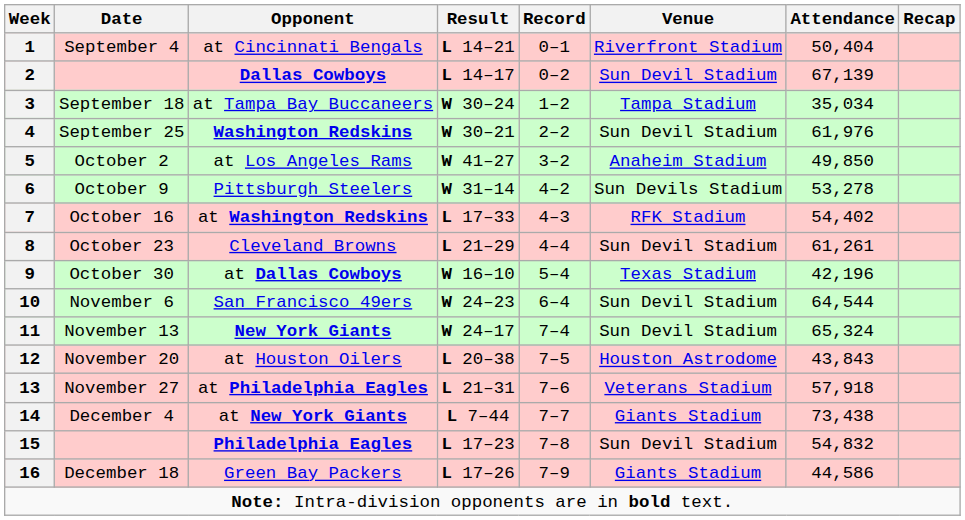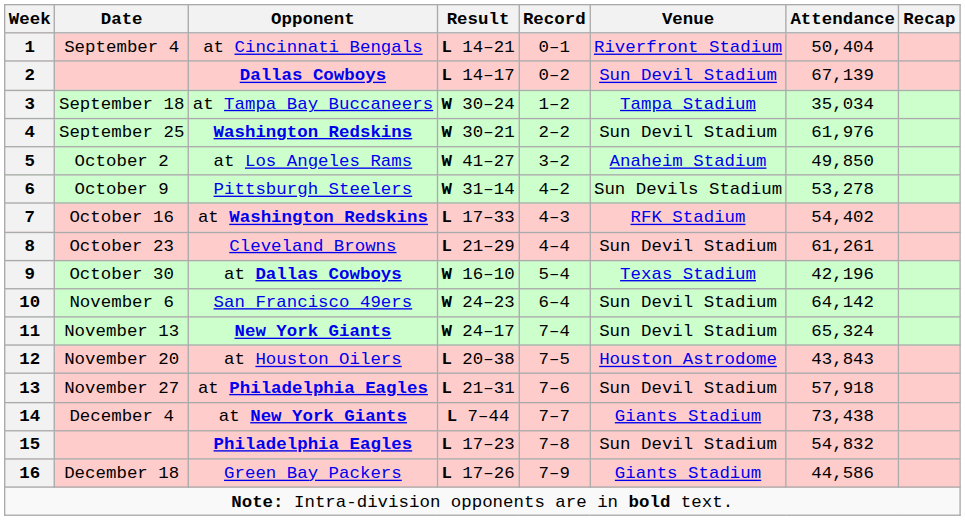 <table class="wikitable" style="text-align:center">
 <tr>
 <th>Week</th>
 <th>Date</th>
 <th>Opponent</th>
 <th>Result</th>
 <th>Record</th>
 <th>Venue</th>
 <th>Attendance</th>
 <th>Recap</th>
 </tr>
 <tr style="background:#fcc">
 <th>1</th>
 <td>September 4</td>
 <td>at <a href='#'>Cincinnati Bengals</a></td>
 <td><strong>L</strong> 14–21</td>
 <td>0–1</td>
 <td><a href='#'>Riverfront Stadium</a></td>
 <td>50,404</td>
 <td></td>
 </tr>
 <tr style="background:#fcc">
 <th>2</th>
 <td></td>
 <td><strong><a href='#'>Dallas Cowboys</a></strong></td>
 <td><strong>L</strong> 14–17</td>
 <td>0–2</td>
 <td><a href='#'>Sun Devil Stadium</a></td>
 <td>67,139</td>
 <td></td>
 </tr>
 <tr style="background:#cfc">
 <th>3</th>
 <td>September 18</td>
 <td>at <a href='#'>Tampa Bay Buccaneers</a></td>
 <td><strong>W</strong> 30–24</td>
 <td>1–2</td>
 <td><a href='#'>Tampa Stadium</a></td>
 <td>35,034</td>
 <td></td>
 </tr>
 <tr style="background:#cfc">
 <th>4</th>
 <td>September 25</td>
 <td><strong><a href='#'>Washington Redskins</a></strong></td>
 <td><strong>W</strong> 30–21</td>
 <td>2–2</td>
 <td>Sun Devil Stadium</td>
 <td>61,976</td>
 <td></td>
 </tr>
 <tr style="background:#cfc">
 <th>5</th>
 <td>October 2</td>
 <td>at <a href='#'>Los Angeles Rams</a></td>
 <td><strong>W</strong> 41–27</td>
 <td>3–2</td>
 <td><a href='#'>Anaheim Stadium</a></td>
 <td>49,850</td>
 <td></td>
 </tr>
 <tr style="background:#cfc">
 <th>6</th>
 <td>October 9</td>
 <td><a href='#'>Pittsburgh Steelers</a></td>
 <td><strong>W</strong> 31–14</td>
 <td>4–2</td>
 <td>Sun Devils Stadium</td>
 <td>53,278</td>
 <td></td>
 </tr>
 <tr style="background:#fcc">
 <th>7</th>
 <td>October 16</td>
 <td>at <strong><a href='#'>Washington Redskins</a></strong></td>
 <td><strong>L</strong> 17–33</td>
 <td>4–3</td>
 <td><a href='#'>RFK Stadium</a></td>
 <td>54,402</td>
 <td></td>
 </tr>
 <tr style="background:#fcc">
 <th>8</th>
 <td>October 23</td>
 <td><a href='#'>Cleveland Browns</a></td>
 <td><strong>L</strong> 21–29</td>
 <td>4–4</td>
 <td>Sun Devil Stadium</td>
 <td>61,261</td>
 <td></td>
 </tr>
 <tr style="background:#cfc">
 <th>9</th>
 <td>October 30</td>
 <td>at <strong><a href='#'>Dallas Cowboys</a></strong></td>
 <td><strong>W</strong> 16–10</td>
 <td>5–4</td>
 <td><a href='#'>Texas Stadium</a></td>
 <td>42,196</td>
 <td></td>
 </tr>
 <tr style="background:#cfc">
 <th>10</th>
 <td>November 6</td>
 <td><a href='#'>San Francisco 49ers</a></td>
 <td><strong>W</strong> 24–23</td>
 <td>6–4</td>
 <td>Sun Devil Stadium</td>
-<td>64,544</td>
+<td>64,142</td>
 <td></td>
 </tr>
 <tr style="background:#cfc">
 <th>11</th>
 <td>November 13</td>
 <td><strong><a href='#'>New York Giants</a></strong></td>
 <td><strong>W</strong> 24–17</td>
 <td>7–4</td>
 <td>Sun Devil Stadium</td>
 <td>65,324</td>
 <td></td>
 </tr>
 <tr style="background:#fcc">
 <th>12</th>
 <td>November 20</td>
 <td>at <a href='#'>Houston Oilers</a></td>
 <td><strong>L</strong> 20–38</td>
 <td>7–5</td>
 <td><a href='#'>Houston Astrodome</a></td>
 <td>43,843</td>
 <td></td>
 </tr>
 <tr style="background:#fcc">
 <th>13</th>
 <td>November 27</td>
 <td>at <strong><a href='#'>Philadelphia Eagles</a></strong></td>
 <td><strong>L</strong> 21–31</td>
 <td>7–6</td>
-<td><a href='#'>Veterans Stadium</a></td>
+<td>Sun Devil Stadium</td>
 <td>57,918</td>
 <td></td>
 </tr>
 <tr style="background:#fcc">
 <th>14</th>
 <td>December 4</td>
 <td>at <strong><a href='#'>New York Giants</a></strong></td>
 <td><strong>L</strong> 7–44</td>
 <td>7–7</td>
 <td><a href='#'>Giants Stadium</a></td>
 <td>73,438</td>
 <td></td>
 </tr>
 <tr style="background:#fcc">
 <th>15</th>
 <td></td>
 <td><strong><a href='#'>Philadelphia Eagles</a></strong></td>
 <td><strong>L</strong> 17–23</td>
 <td>7–8</td>
 <td>Sun Devil Stadium</td>
 <td>54,832</td>
 <td></td>
 </tr>
 <tr style="background:#fcc">
 <th>16</th>
 <td>December 18</td>
 <td><a href='#'>Green Bay Packers</a></td>
 <td><strong>L</strong> 17–26</td>
 <td>7–9</td>
 <td><a href='#'>Giants Stadium</a></td>
 <td>44,586</td>
 <td></td>
 </tr>
 <tr>
 <td colspan="8"><strong>Note:</strong> Intra-division opponents are in <strong>bold</strong> text.</td>
 </tr>
 </table>
